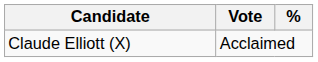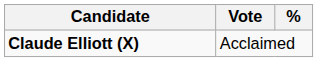 <table class="wikitable">
 <tr>
 <th bgcolor="#DDDDFF" width="200px">Candidate</th>
 <th bgcolor="#DDDDFF" width="50px">Vote</th>
 <th bgcolor="#DDDDFF" width="30px">%</th>
 </tr>
 <tr>
-<td>Claude Elliott (X)</td>
+<td><strong>Claude Elliott (X)</strong></td>
 <td colspan="2">Acclaimed</td>
 </tr>
 </table>
